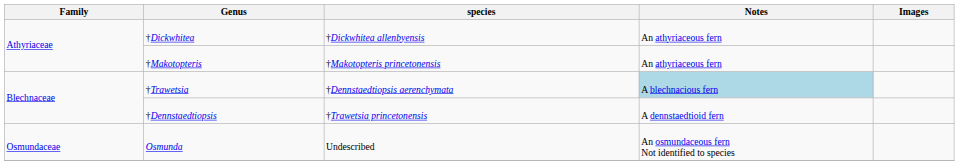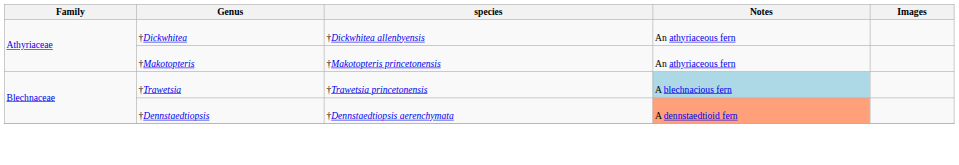 <table class="wikitable sortable mw-collapsible" style="margin:auto; width:100%">
 <tr>
 <th>Family</th>
 <th>Genus</th>
 <th>species</th>
 <th>Notes</th>
 <th>Images</th>
 </tr>
 <tr>
 <td rowspan=2><a href='#'>Athyriaceae</a></td>
 <td><br>†<em><a href='#'>Dickwhitea</a></em></td>
 <td><br>†<em><a href='#'>Dickwhitea allenbyensis</a></em></td>
 <td><br>An <a href='#'>athyriaceous fern</a></td>
 <td></td>
 </tr>
 <tr>
 <td><br>†<em><a href='#'>Makotopteris</a></em></td>
 <td><br>†<em><a href='#'>Makotopteris princetonensis</a></em></td>
 <td><br>An <a href='#'>athyriaceous fern</a></td>
 <td></td>
 </tr>
 <tr>
 <td rowspan=2><a href='#'>Blechnaceae</a></td>
 <td><br>†<em><a href='#'>Trawetsia</a></em></td>
-<td><br>†<em><a href='#'>Dennstaedtiopsis aerenchymata</a></em></td>
+<td><br>†<em><a href='#'>Trawetsia princetonensis</a></em></td>
 <td style="background: lightblue;"><br>A <a href='#'>blechnacious fern</a></td>
 <td></td>
 </tr>
 <tr>
 <td><br>†<em><a href='#'>Dennstaedtiopsis</a></em></td>
-<td><br>†<em><a href='#'>Trawetsia princetonensis</a></em></td>
-<td><br>A <a href='#'>dennstaedtioid fern</a></td>
-<td></td>
-</tr>
-<tr>
-<td><br><a href='#'>Osmundaceae</a></td>
-<td><br><em><a href='#'>Osmunda</a></em></td>
-<td><br>Undescribed</td>
-<td><br>An <a href='#'>osmundaceous fern</a><br>Not identified to species</td>
+<td><br>†<em><a href='#'>Dennstaedtiopsis aerenchymata</a></em></td>
+<td style="background: lightsalmon;"><br>A <a href='#'>dennstaedtioid fern</a></td>
 <td></td>
 </tr>
 <tr>
 </tr>
 </table>
